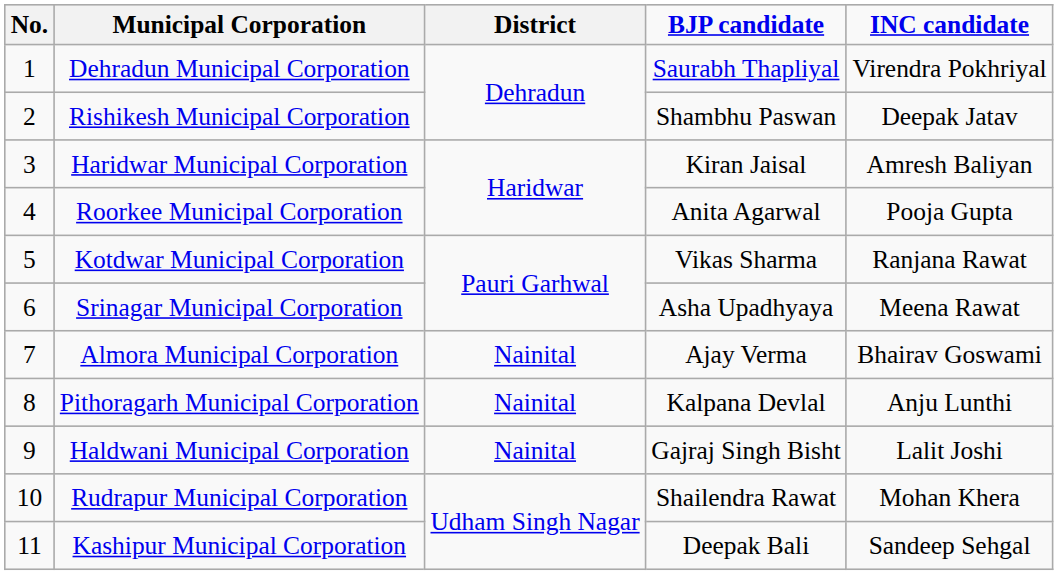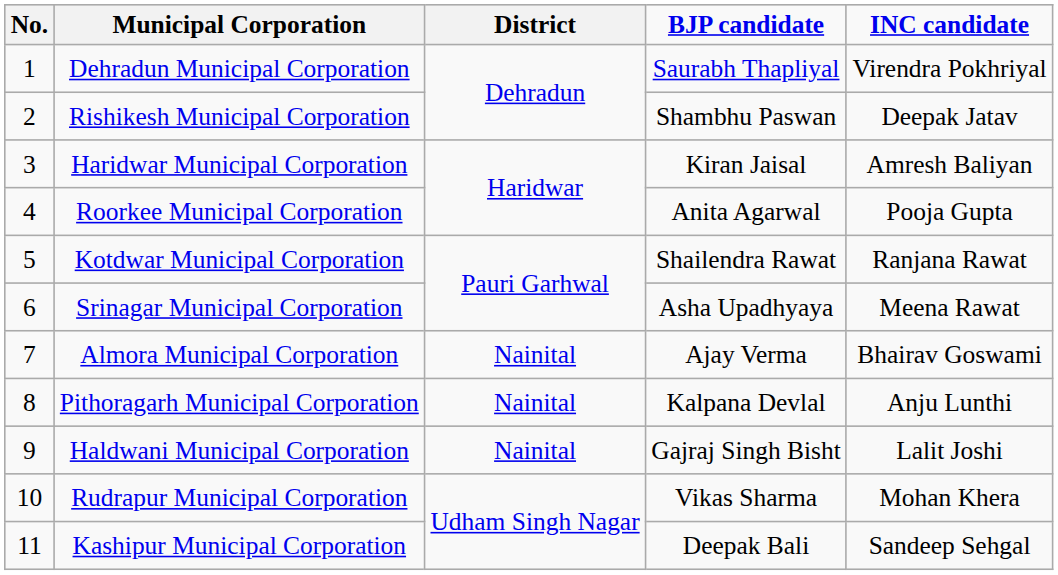 <table class="wikitable sortable" style="text-align:center">
 <tr>
 <th align="Centre">No.</th>
 <th align="Centre">Municipal Corporation</th>
 <th align="Centre">District</th>
 <td><a href='#'><span><strong>BJP candidate</strong></span></a></td>
 <td><a href='#'><span><strong>INC candidate</strong></span></a></td>
 </tr>
 <tr style="text-align:center; height:30px;">
 <td>1</td>
 <td><a href='#'>Dehradun Municipal Corporation</a></td>
 <td rowspan="2"><a href='#'>Dehradun</a></td>
 <td><a href='#'>Saurabh Thapliyal</a></td>
 <td>Virendra Pokhriyal</td>
 </tr>
 <tr style="text-align:center; height:30px;">
 <td>2</td>
 <td><a href='#'>Rishikesh Municipal Corporation</a></td>
 <td>Shambhu Paswan</td>
 <td>Deepak Jatav</td>
 </tr>
 <tr style="text-align:center; height:30px;">
 <td>3</td>
 <td><a href='#'>Haridwar Municipal Corporation</a></td>
 <td rowspan="2"><a href='#'>Haridwar</a></td>
 <td>Kiran Jaisal</td>
 <td>Amresh Baliyan</td>
 </tr>
 <tr style="text-align:center; height:30px;">
 <td>4</td>
 <td><a href='#'>Roorkee Municipal Corporation</a></td>
 <td>Anita Agarwal</td>
 <td>Pooja Gupta</td>
 </tr>
 <tr style="text-align:center; height:30px;">
 <td>5</td>
 <td><a href='#'>Kotdwar Municipal Corporation</a></td>
 <td rowspan="2"><a href='#'>Pauri Garhwal</a></td>
-<td>Vikas Sharma</td>
+<td>Shailendra Rawat</td>
 <td>Ranjana Rawat</td>
 </tr>
 <tr style="text-align:center; height:30px;">
 <td>6</td>
 <td><a href='#'>Srinagar Municipal Corporation</a></td>
 <td>Asha Upadhyaya</td>
 <td>Meena Rawat</td>
 </tr>
 <tr style="text-align:center; height:30px;">
 <td>7</td>
 <td><a href='#'>Almora Municipal Corporation</a></td>
 <td><a href='#'>Nainital</a></td>
 <td>Ajay Verma</td>
 <td>Bhairav Goswami</td>
 </tr>
 <tr style="text-align:center; height:30px;">
 <td>8</td>
 <td><a href='#'>Pithoragarh Municipal Corporation</a></td>
 <td><a href='#'>Nainital</a></td>
 <td>Kalpana Devlal</td>
 <td>Anju Lunthi</td>
 </tr>
 <tr style="text-align:center; height:30px;">
 <td>9</td>
 <td><a href='#'>Haldwani Municipal Corporation</a></td>
 <td><a href='#'>Nainital</a></td>
 <td>Gajraj Singh Bisht</td>
 <td>Lalit Joshi</td>
 </tr>
 <tr style="text-align:center; height:30px;">
 <td>10</td>
 <td><a href='#'>Rudrapur Municipal Corporation</a></td>
 <td rowspan="2"><a href='#'>Udham Singh Nagar</a></td>
-<td>Shailendra Rawat</td>
+<td>Vikas Sharma</td>
 <td>Mohan Khera</td>
 </tr>
 <tr style="text-align:center; height:30px;">
 <td>11</td>
 <td><a href='#'>Kashipur Municipal Corporation</a></td>
 <td>Deepak Bali</td>
 <td>Sandeep Sehgal</td>
 </tr>
 </table>
